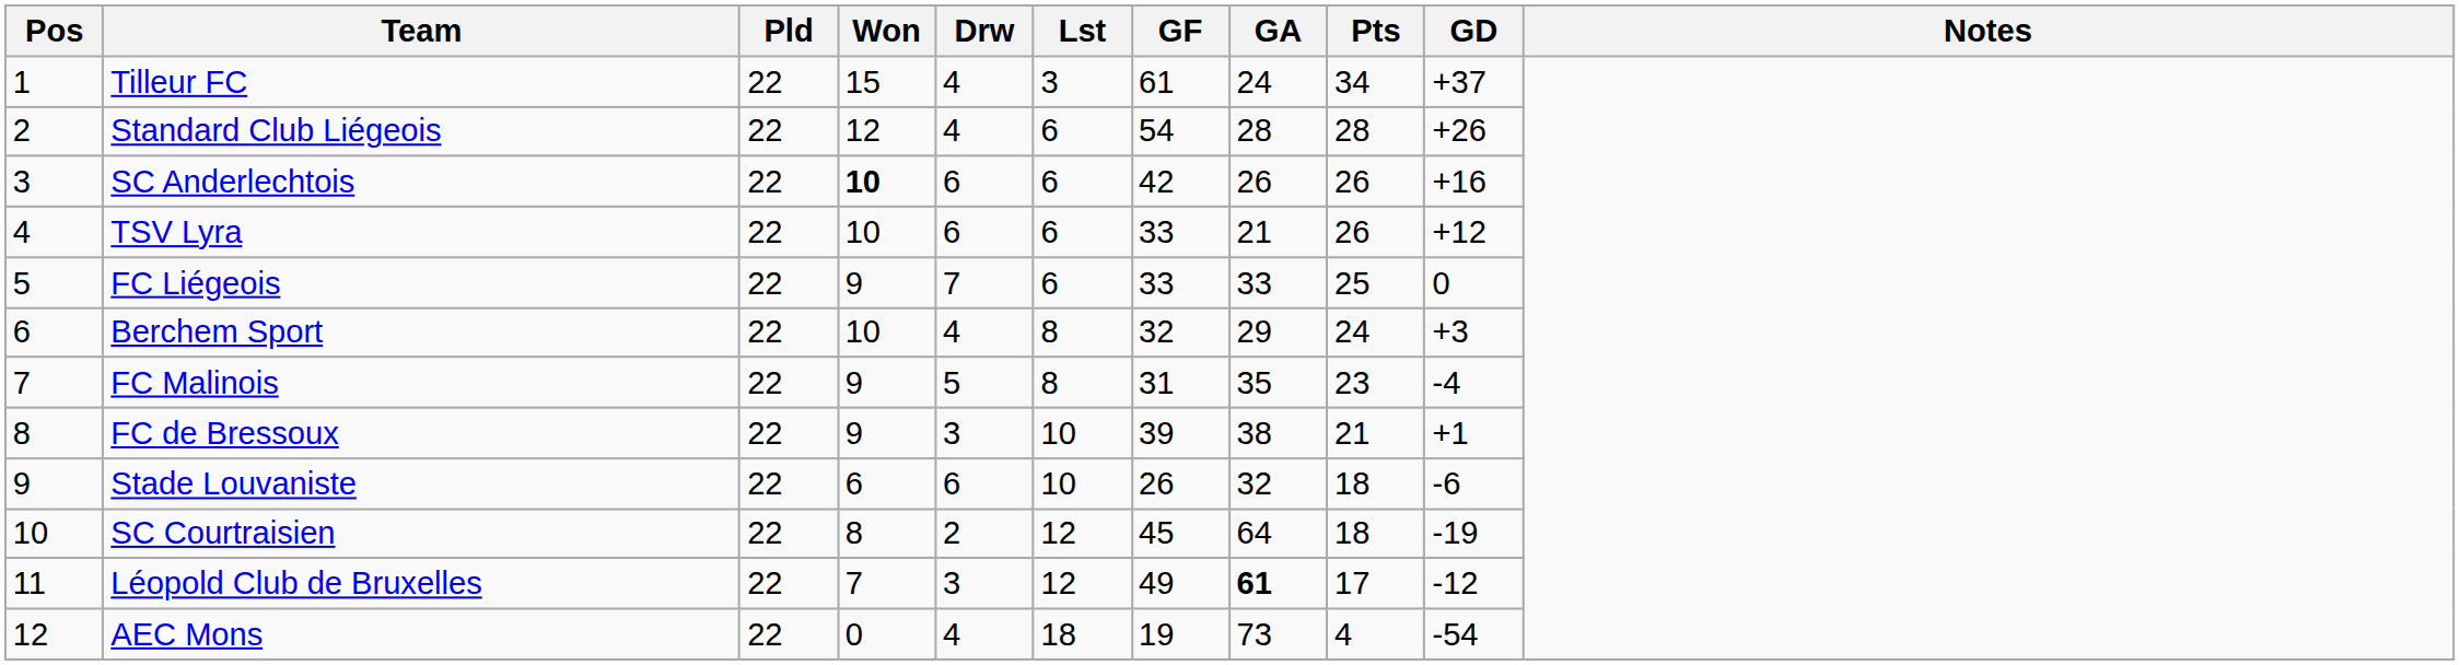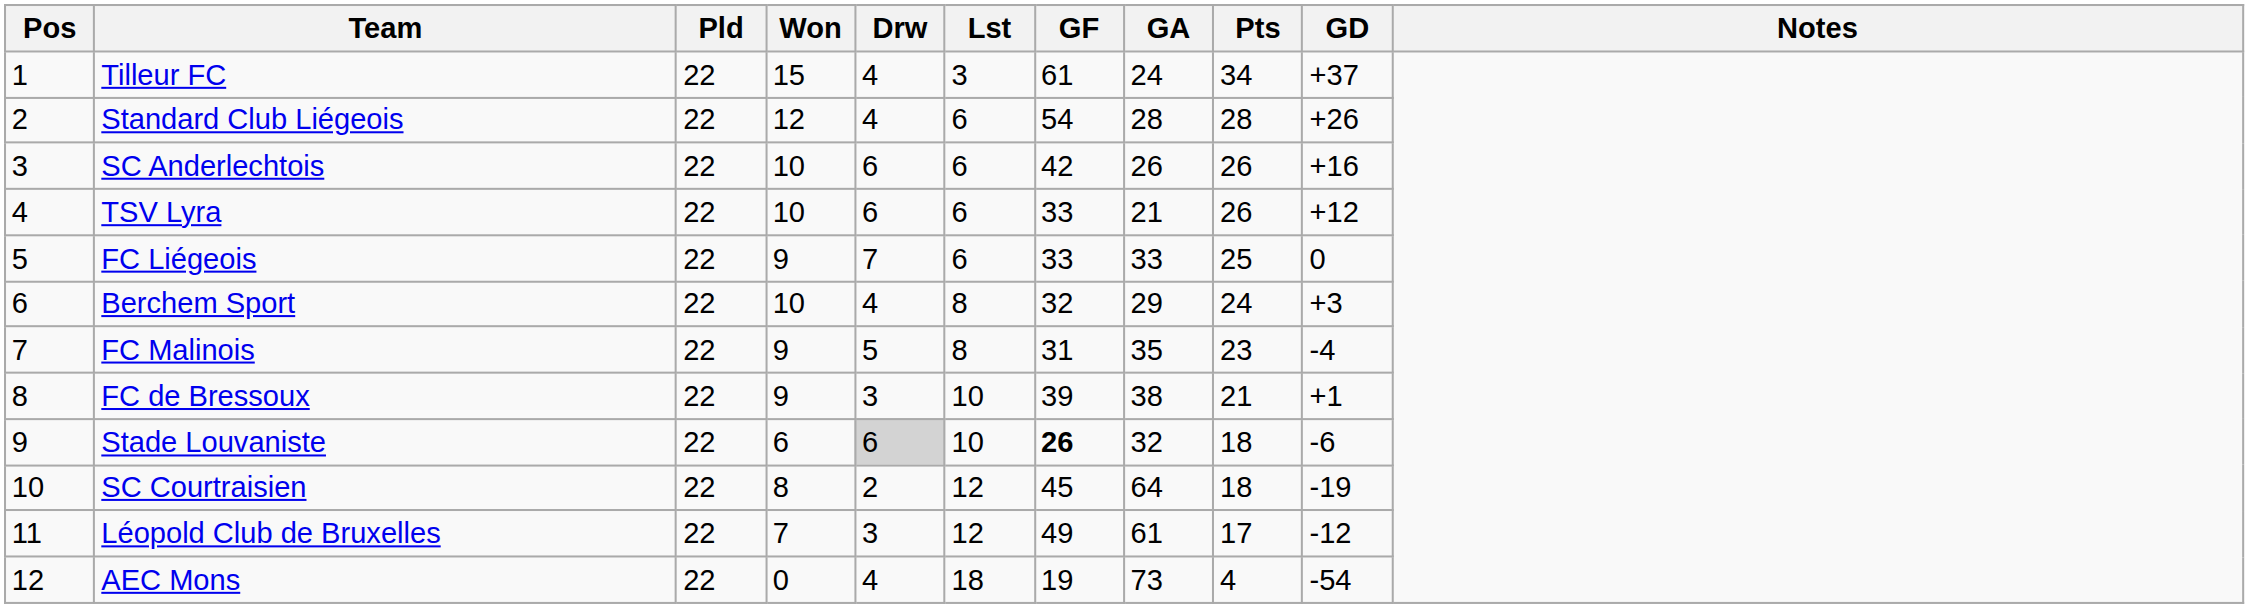 <table class="wikitable" width=70% style="font-size:90%">
 <tr>
 <th width=4%><strong>Pos</strong></th>
 <th width=26%><strong>Team</strong></th>
 <th width=4%><strong>Pld</strong></th>
 <th width=4%><strong>Won</strong></th>
 <th width=4%><strong>Drw</strong></th>
 <th width=4%><strong>Lst</strong></th>
 <th width=4%><strong>GF</strong></th>
 <th width=4%><strong>GA</strong></th>
 <th width=4%><strong>Pts</strong></th>
 <th width=4%><strong>GD</strong></th>
 <th width=38%><strong>Notes</strong></th>
 </tr>
 <tr>
 <td>1</td>
 <td><a href='#'>Tilleur FC</a></td>
 <td>22</td>
 <td>15</td>
 <td>4</td>
 <td>3</td>
 <td>61</td>
 <td>24</td>
 <td>34</td>
 <td>+37</td>
 </tr>
 <tr>
 <td>2</td>
 <td><a href='#'>Standard Club Liégeois</a></td>
 <td>22</td>
 <td>12</td>
 <td>4</td>
 <td>6</td>
 <td>54</td>
 <td>28</td>
 <td>28</td>
 <td>+26</td>
 </tr>
 <tr>
 <td>3</td>
 <td><a href='#'>SC Anderlechtois</a></td>
 <td>22</td>
-<td><strong>10</strong></td>
+<td>10</td>
 <td>6</td>
 <td>6</td>
 <td>42</td>
 <td>26</td>
 <td>26</td>
 <td>+16</td>
 </tr>
 <tr>
 <td>4</td>
 <td><a href='#'>TSV Lyra</a></td>
 <td>22</td>
 <td>10</td>
 <td>6</td>
 <td>6</td>
 <td>33</td>
 <td>21</td>
 <td>26</td>
 <td>+12</td>
 </tr>
 <tr>
 <td>5</td>
 <td><a href='#'>FC Liégeois</a></td>
 <td>22</td>
 <td>9</td>
 <td>7</td>
 <td>6</td>
 <td>33</td>
 <td>33</td>
 <td>25</td>
 <td>0</td>
 </tr>
 <tr>
 <td>6</td>
 <td><a href='#'>Berchem Sport</a></td>
 <td>22</td>
 <td>10</td>
 <td>4</td>
 <td>8</td>
 <td>32</td>
 <td>29</td>
 <td>24</td>
 <td>+3</td>
 </tr>
 <tr>
 <td>7</td>
 <td><a href='#'>FC Malinois</a></td>
 <td>22</td>
 <td>9</td>
 <td>5</td>
 <td>8</td>
 <td>31</td>
 <td>35</td>
 <td>23</td>
 <td>-4</td>
 </tr>
 <tr>
 <td>8</td>
 <td><a href='#'>FC de Bressoux</a></td>
 <td>22</td>
 <td>9</td>
 <td>3</td>
 <td>10</td>
 <td>39</td>
 <td>38</td>
 <td>21</td>
 <td>+1</td>
 </tr>
 <tr>
 <td>9</td>
 <td><a href='#'>Stade Louvaniste</a></td>
 <td>22</td>
 <td>6</td>
-<td>6</td>
+<td style="background: lightgrey;">6</td>
 <td>10</td>
-<td>26</td>
+<td><strong>26</strong></td>
 <td>32</td>
 <td>18</td>
 <td>-6</td>
 </tr>
 <tr>
 <td>10</td>
 <td><a href='#'>SC Courtraisien</a></td>
 <td>22</td>
 <td>8</td>
 <td>2</td>
 <td>12</td>
 <td>45</td>
 <td>64</td>
 <td>18</td>
 <td>-19</td>
 </tr>
 <tr>
 <td>11</td>
 <td><a href='#'>Léopold Club de Bruxelles</a></td>
 <td>22</td>
 <td>7</td>
 <td>3</td>
 <td>12</td>
 <td>49</td>
-<td><strong>61</strong></td>
+<td>61</td>
 <td>17</td>
 <td>-12</td>
 </tr>
 <tr>
 <td>12</td>
 <td><a href='#'>AEC Mons</a></td>
 <td>22</td>
 <td>0</td>
 <td>4</td>
 <td>18</td>
 <td>19</td>
 <td>73</td>
 <td>4</td>
 <td>-54</td>
 </tr>
 </table>
